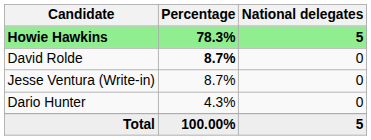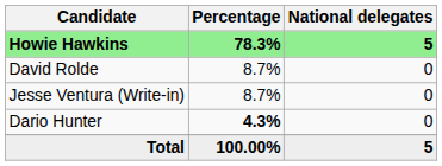 <table class="wikitable" style="text-align:right;">
 <tr>
 <th>Candidate</th>
 <th>Percentage</th>
 <th>National delegates</th>
 </tr>
 <tr style="background:lightgreen;">
 <td style="text-align:left;"><strong>Howie Hawkins</strong></td>
 <td><strong>78.3%</strong></td>
 <td><strong>5</strong></td>
 </tr>
 <tr>
 <td style="text-align:left;">David Rolde</td>
-<td><strong>8.7%</strong></td>
+<td>8.7%</td>
 <td>0</td>
 </tr>
 <tr>
 <td style="text-align:left;">Jesse Ventura (Write-in)</td>
 <td>8.7%</td>
 <td>0</td>
 </tr>
 <tr>
 <td style="text-align:left;">Dario Hunter</td>
-<td>4.3%</td>
+<td><strong>4.3%</strong></td>
 <td>0</td>
 </tr>
 <tr>
 </tr>
 <tr style="background:#eee;">
 <td style="margin-right:0.50px"><strong>Total</strong></td>
 <td style="margin-right:0.50px"><strong>100.00%</strong></td>
 <td style="margin-right:0.50px"><strong>5</strong></td>
 </tr>
 </table>
